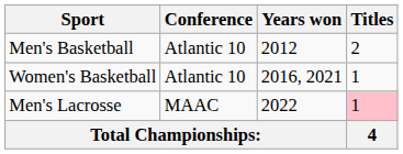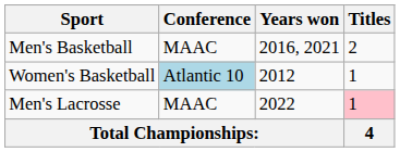 <table class="wikitable"; style= "text-align:">
 <tr>
 <th width=px>Sport</th>
 <th width=px>Conference</th>
 <th width=px>Years won</th>
 <th width=px>Titles</th>
 </tr>
 <tr>
 <td>Men's Basketball</td>
-<td>Atlantic 10</td>
-<td>2012</td>
+<td>MAAC</td>
+<td>2016, 2021</td>
 <td>2</td>
 </tr>
 <tr>
 <td>Women's Basketball</td>
-<td>Atlantic 10</td>
-<td>2016, 2021</td>
+<td style="background: lightblue;">Atlantic 10</td>
+<td>2012</td>
 <td>1</td>
 </tr>
 <tr>
 <td>Men's Lacrosse</td>
 <td>MAAC</td>
 <td>2022</td>
 <td style="background: pink;">1</td>
 </tr>
 <tr class="sortbottom">
 <th colspan="3;">Total Championships:</th>
 <th colspan="3;">4</th>
 </tr>
 </table>
